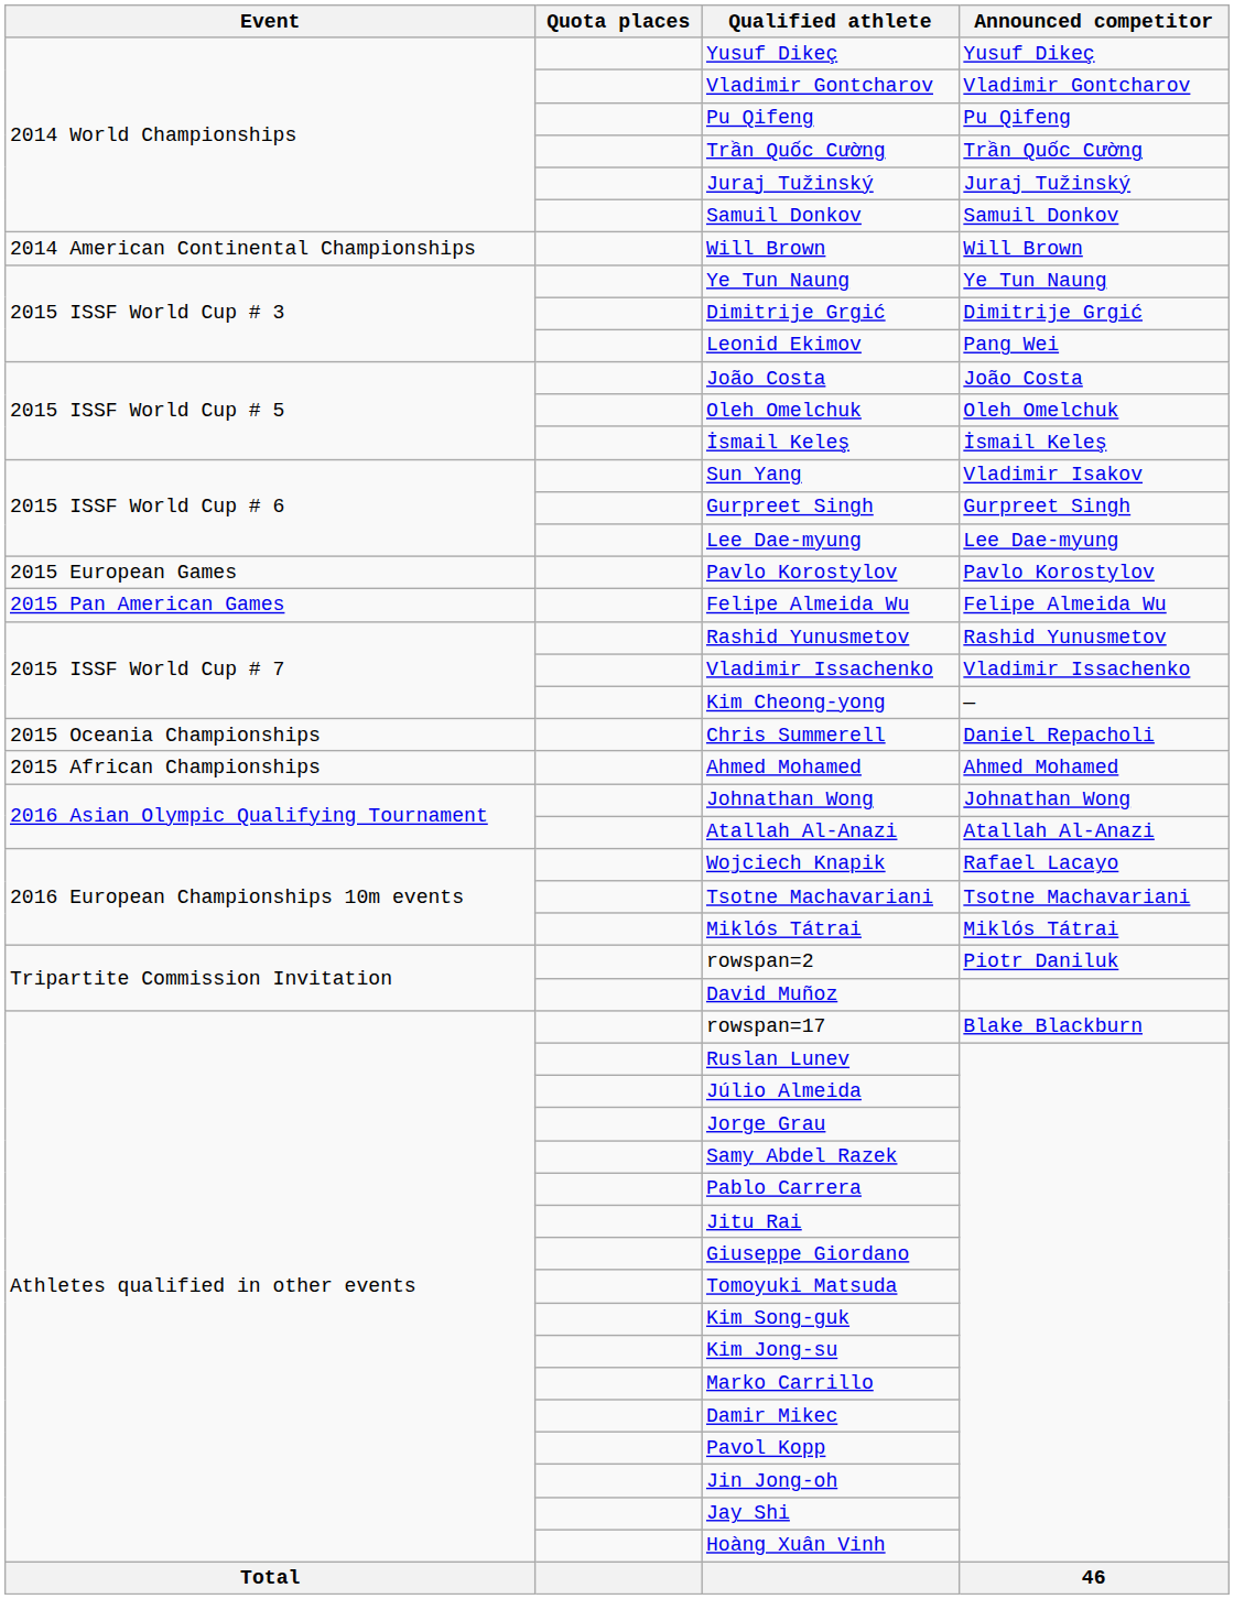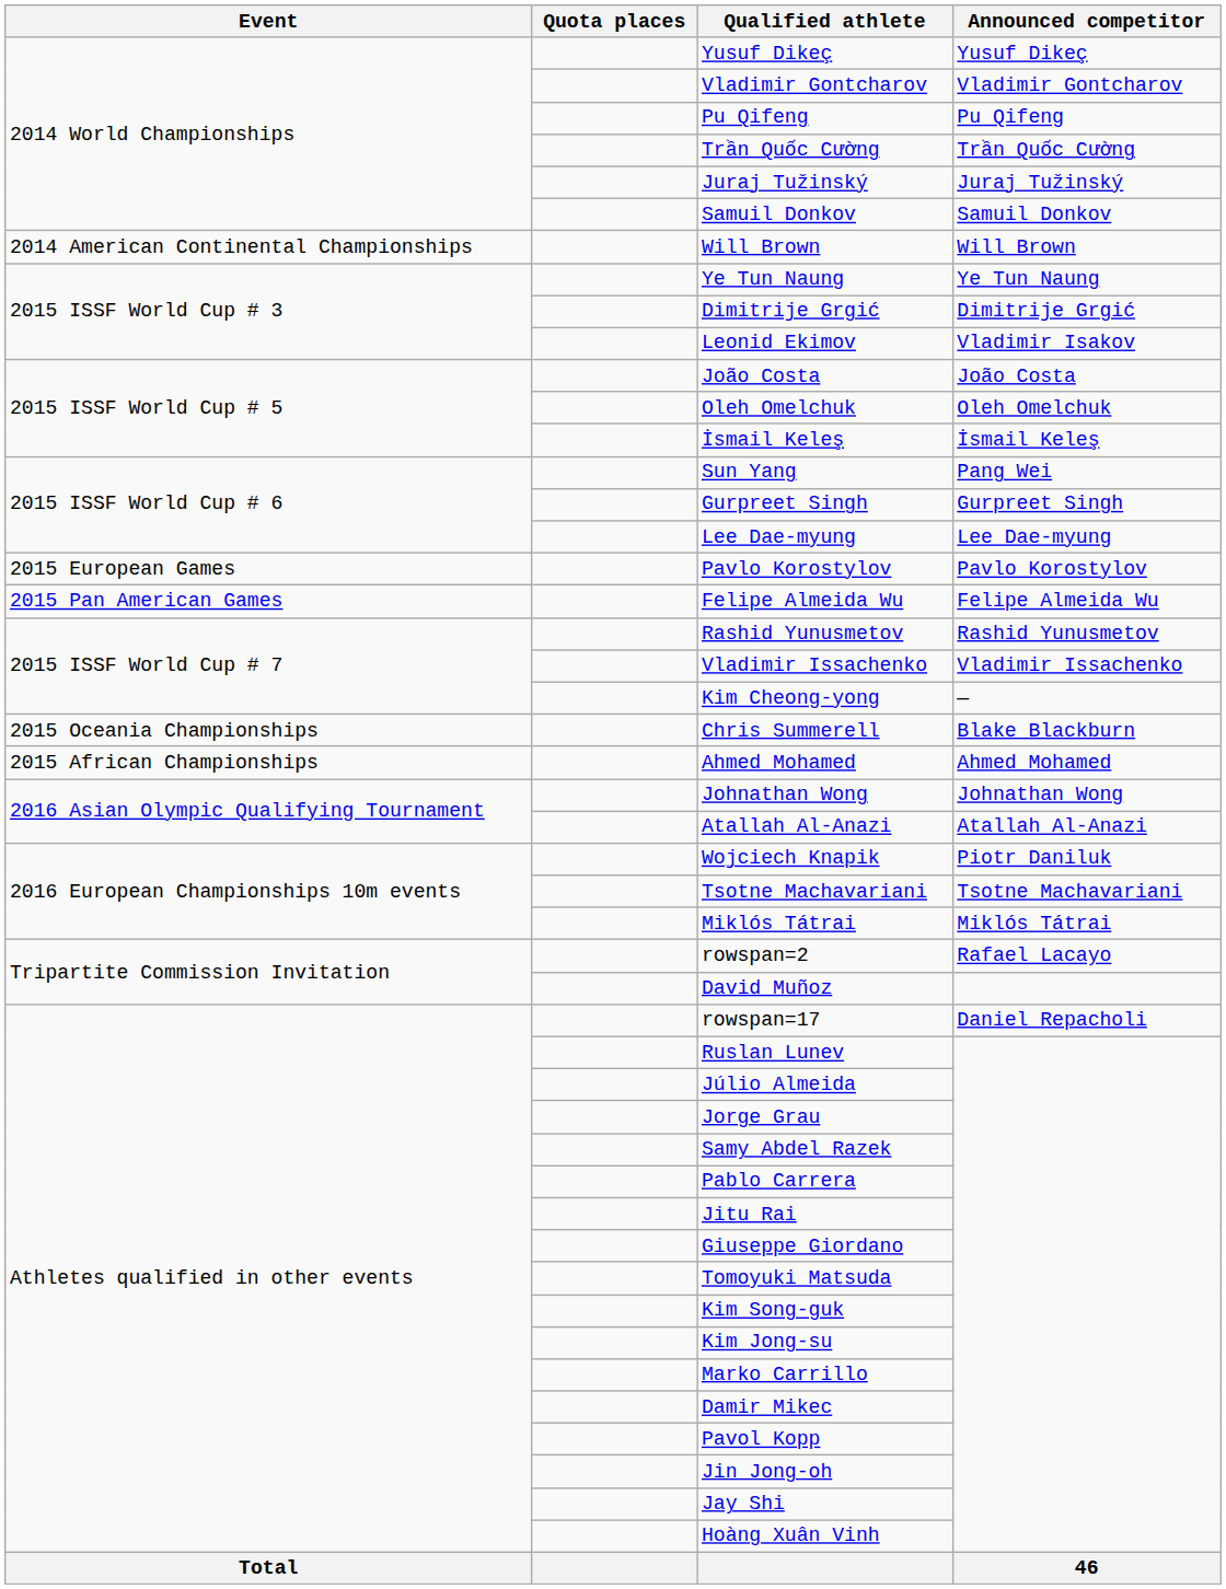 <table class=wikitable style="text-align:left" width=800>
 <tr>
 <th>Event</th>
 <th>Quota places</th>
 <th>Qualified athlete</th>
 <th>Announced competitor</th>
 </tr>
 <tr>
 <td rowspan="6">2014 World Championships</td>
 <td></td>
 <td><a href='#'>Yusuf Dikeç</a></td>
 <td><a href='#'>Yusuf Dikeç</a></td>
 </tr>
 <tr>
 <td></td>
 <td><a href='#'>Vladimir Gontcharov</a></td>
 <td><a href='#'>Vladimir Gontcharov</a></td>
 </tr>
 <tr>
 <td></td>
 <td><a href='#'>Pu Qifeng</a></td>
 <td><a href='#'>Pu Qifeng</a></td>
 </tr>
 <tr>
 <td></td>
 <td><a href='#'>Trần Quốc Cường</a></td>
 <td><a href='#'>Trần Quốc Cường</a></td>
 </tr>
 <tr>
 <td></td>
 <td><a href='#'>Juraj Tužinský</a></td>
 <td><a href='#'>Juraj Tužinský</a></td>
 </tr>
 <tr>
 <td></td>
 <td><a href='#'>Samuil Donkov</a></td>
 <td><a href='#'>Samuil Donkov</a></td>
 </tr>
 <tr>
 <td>2014 American Continental Championships</td>
 <td></td>
 <td><a href='#'>Will Brown</a></td>
 <td><a href='#'>Will Brown</a></td>
 </tr>
 <tr>
 <td rowspan="3">2015 ISSF World Cup # 3</td>
 <td></td>
 <td><a href='#'>Ye Tun Naung</a></td>
 <td><a href='#'>Ye Tun Naung</a></td>
 </tr>
 <tr>
 <td></td>
 <td><a href='#'>Dimitrije Grgić</a></td>
 <td><a href='#'>Dimitrije Grgić</a></td>
 </tr>
 <tr>
 <td></td>
 <td><a href='#'>Leonid Ekimov</a></td>
-<td><a href='#'>Pang Wei</a></td>
+<td><a href='#'>Vladimir Isakov</a></td>
 </tr>
 <tr>
 <td rowspan="3">2015 ISSF World Cup # 5</td>
 <td></td>
 <td><a href='#'>João Costa</a></td>
 <td><a href='#'>João Costa</a></td>
 </tr>
 <tr>
 <td></td>
 <td><a href='#'>Oleh Omelchuk</a></td>
 <td><a href='#'>Oleh Omelchuk</a></td>
 </tr>
 <tr>
 <td></td>
 <td><a href='#'>İsmail Keleş</a></td>
 <td><a href='#'>İsmail Keleş</a></td>
 </tr>
 <tr>
 <td rowspan="3">2015 ISSF World Cup # 6</td>
 <td></td>
 <td><a href='#'>Sun Yang</a></td>
-<td><a href='#'>Vladimir Isakov</a></td>
+<td><a href='#'>Pang Wei</a></td>
 </tr>
 <tr>
 <td></td>
 <td><a href='#'>Gurpreet Singh</a></td>
 <td><a href='#'>Gurpreet Singh</a></td>
 </tr>
 <tr>
 <td></td>
 <td><a href='#'>Lee Dae-myung</a></td>
 <td><a href='#'>Lee Dae-myung</a></td>
 </tr>
 <tr>
 <td rowspan="1">2015 European Games</td>
 <td></td>
 <td><a href='#'>Pavlo Korostylov</a></td>
 <td><a href='#'>Pavlo Korostylov</a></td>
 </tr>
 <tr>
 <td rowspan="1"><a href='#'>2015 Pan American Games</a></td>
 <td></td>
 <td><a href='#'>Felipe Almeida Wu</a></td>
 <td><a href='#'>Felipe Almeida Wu</a></td>
 </tr>
 <tr>
 <td rowspan="3">2015 ISSF World Cup # 7</td>
 <td></td>
 <td><a href='#'>Rashid Yunusmetov</a></td>
 <td><a href='#'>Rashid Yunusmetov</a></td>
 </tr>
 <tr>
 <td></td>
 <td><a href='#'>Vladimir Issachenko</a></td>
 <td><a href='#'>Vladimir Issachenko</a></td>
 </tr>
 <tr>
 <td></td>
 <td><a href='#'>Kim Cheong-yong</a></td>
 <td>—</td>
 </tr>
 <tr>
 <td rowspan="1">2015 Oceania Championships</td>
 <td></td>
 <td><a href='#'>Chris Summerell</a></td>
-<td><a href='#'>Daniel Repacholi</a></td>
+<td><a href='#'>Blake Blackburn</a></td>
 </tr>
 <tr>
 <td rowspan="1">2015 African Championships</td>
 <td></td>
 <td><a href='#'>Ahmed Mohamed</a></td>
 <td><a href='#'>Ahmed Mohamed</a></td>
 </tr>
 <tr>
 <td rowspan="2"><a href='#'>2016 Asian Olympic Qualifying Tournament</a></td>
 <td></td>
 <td><a href='#'>Johnathan Wong</a></td>
 <td><a href='#'>Johnathan Wong</a></td>
 </tr>
 <tr>
 <td></td>
 <td><a href='#'>Atallah Al-Anazi</a></td>
 <td><a href='#'>Atallah Al-Anazi</a></td>
 </tr>
 <tr>
 <td rowspan="3">2016 European Championships 10m events</td>
 <td></td>
 <td><a href='#'>Wojciech Knapik</a></td>
-<td><a href='#'>Rafael Lacayo</a></td>
+<td><a href='#'>Piotr Daniluk</a></td>
 </tr>
 <tr>
 <td></td>
 <td><a href='#'>Tsotne Machavariani</a></td>
 <td><a href='#'>Tsotne Machavariani</a></td>
 </tr>
 <tr>
 <td></td>
 <td><a href='#'>Miklós Tátrai</a></td>
 <td><a href='#'>Miklós Tátrai</a></td>
 </tr>
 <tr>
 <td rowspan=2>Tripartite Commission Invitation</td>
 <td></td>
 <td>rowspan=2 </td>
-<td><a href='#'>Piotr Daniluk</a></td>
+<td><a href='#'>Rafael Lacayo</a></td>
 </tr>
 <tr>
 <td></td>
 <td><a href='#'>David Muñoz</a></td>
 </tr>
 <tr>
 <td rowspan=17>Athletes qualified in other events</td>
 <td></td>
 <td>rowspan=17 </td>
-<td><a href='#'>Blake Blackburn</a></td>
+<td><a href='#'>Daniel Repacholi</a></td>
 </tr>
 <tr>
 <td></td>
 <td><a href='#'>Ruslan Lunev</a></td>
 </tr>
 <tr>
 <td></td>
 <td><a href='#'>Júlio Almeida</a></td>
 </tr>
 <tr>
 <td></td>
 <td><a href='#'>Jorge Grau</a></td>
 </tr>
 <tr>
 <td></td>
 <td><a href='#'>Samy Abdel Razek</a></td>
 </tr>
 <tr>
 <td></td>
 <td><a href='#'>Pablo Carrera</a></td>
 </tr>
 <tr>
 <td></td>
 <td><a href='#'>Jitu Rai</a></td>
 </tr>
 <tr>
 <td></td>
 <td><a href='#'>Giuseppe Giordano</a></td>
 </tr>
 <tr>
 <td></td>
 <td><a href='#'>Tomoyuki Matsuda</a></td>
 </tr>
 <tr>
 <td></td>
 <td><a href='#'>Kim Song-guk</a></td>
 </tr>
 <tr>
 <td></td>
 <td><a href='#'>Kim Jong-su</a></td>
 </tr>
 <tr>
 <td></td>
 <td><a href='#'>Marko Carrillo</a></td>
 </tr>
 <tr>
 <td></td>
 <td><a href='#'>Damir Mikec</a></td>
 </tr>
 <tr>
 <td></td>
 <td><a href='#'>Pavol Kopp</a></td>
 </tr>
 <tr>
 <td></td>
 <td><a href='#'>Jin Jong-oh</a></td>
 </tr>
 <tr>
 <td></td>
 <td><a href='#'>Jay Shi</a></td>
 </tr>
 <tr>
 <td></td>
 <td><a href='#'>Hoàng Xuân Vinh</a></td>
 </tr>
 <tr>
 <th>Total</th>
 <th></th>
 <th></th>
 <th>46</th>
 </tr>
 </table>
